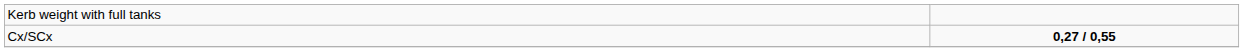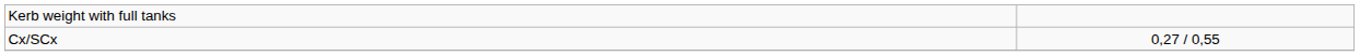 <table class="wikitable" width="75%">
 <tr>
 <td width="75%">Kerb weight with full tanks</td>
 <td align="center"></td>
 </tr>
 <tr>
 <td width="75%">Cx/SCx</td>
-<td align="center"><strong>0,27 / 0,55</strong></td>
+<td align="center">0,27 / 0,55</td>
 </tr>
 <tr>
 </tr>
 </table>
